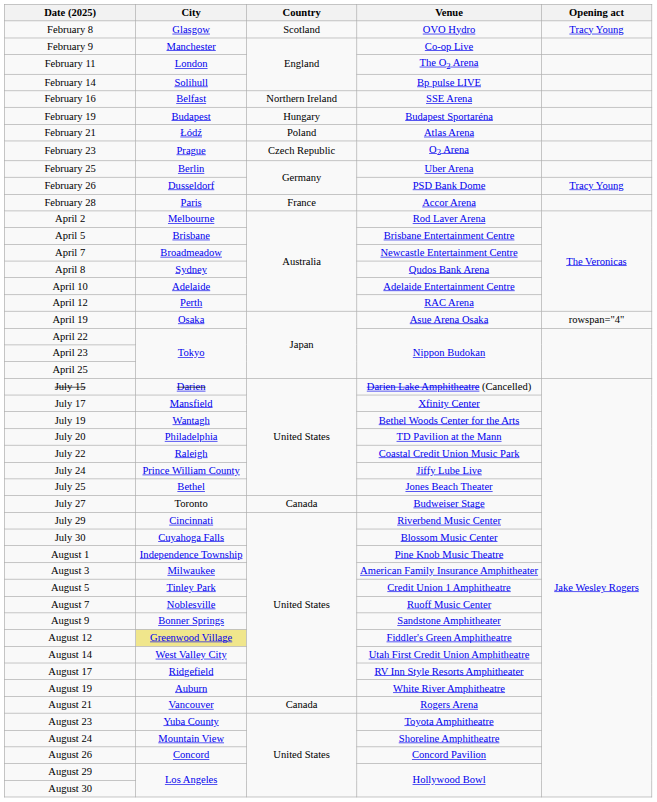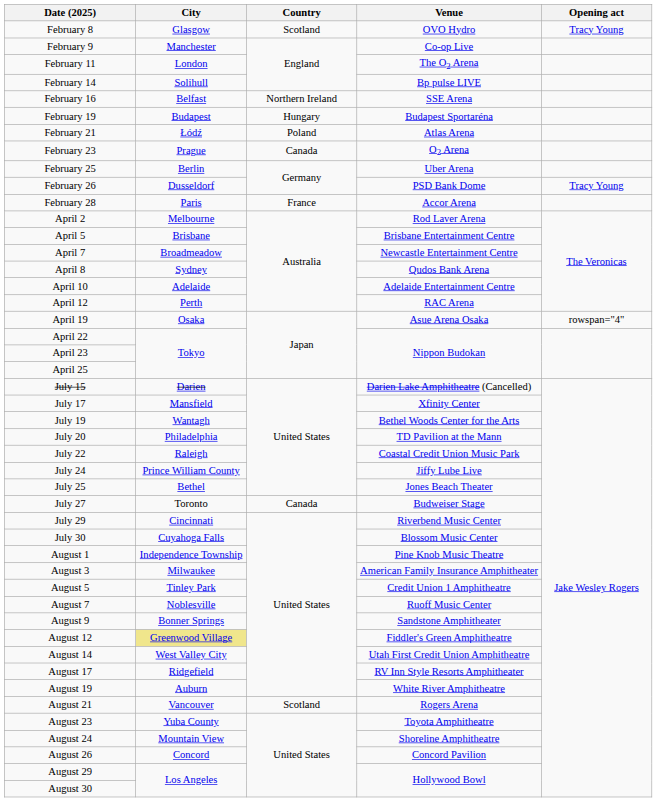 <table class="wikitable" style="text-align:center;">
 <tr>
 <th scope="col" style="width:12em;">Date (2025)</th>
 <th scope="col" style="width:10em;">City</th>
 <th scope="col" style="width:10em;">Country</th>
 <th scope="col" style="width:17em;">Venue</th>
 <th scope="col" style="width:10em;">Opening act</th>
 </tr>
 <tr>
 <td>February 8</td>
 <td><a href='#'>Glasgow</a></td>
 <td>Scotland</td>
 <td><a href='#'>OVO Hydro</a></td>
 <td><a href='#'>Tracy Young</a></td>
 </tr>
 <tr>
 <td>February 9</td>
 <td><a href='#'>Manchester</a></td>
 <td rowspan="3">England</td>
 <td><a href='#'>Co-op Live</a></td>
 <td></td>
 </tr>
 <tr>
 <td>February 11</td>
 <td><a href='#'>London</a></td>
 <td><a href='#'>The O<sub>2</sub> Arena</a></td>
 <td></td>
 </tr>
 <tr>
 <td>February 14</td>
 <td><a href='#'>Solihull</a></td>
 <td><a href='#'>Bp pulse LIVE</a></td>
 <td></td>
 </tr>
 <tr>
 <td>February 16</td>
 <td><a href='#'>Belfast</a></td>
 <td>Northern Ireland</td>
 <td><a href='#'>SSE Arena</a></td>
 <td></td>
 </tr>
 <tr>
 <td>February 19</td>
 <td><a href='#'>Budapest</a></td>
 <td>Hungary</td>
 <td><a href='#'>Budapest Sportaréna</a></td>
 <td></td>
 </tr>
 <tr>
 <td>February 21</td>
 <td><a href='#'>Łódź</a></td>
 <td>Poland</td>
 <td><a href='#'>Atlas Arena</a></td>
 <td></td>
 </tr>
 <tr>
 <td>February 23</td>
 <td><a href='#'>Prague</a></td>
-<td>Czech Republic</td>
+<td>Canada</td>
 <td><a href='#'>O<sub>2</sub> Arena</a></td>
 <td></td>
 </tr>
 <tr>
 <td>February 25</td>
 <td><a href='#'>Berlin</a></td>
 <td rowspan="2">Germany</td>
 <td><a href='#'>Uber Arena</a></td>
 <td></td>
 </tr>
 <tr>
 <td>February 26</td>
 <td><a href='#'>Dusseldorf</a></td>
 <td><a href='#'>PSD Bank Dome</a></td>
 <td><a href='#'>Tracy Young</a></td>
 </tr>
 <tr>
 <td>February 28</td>
 <td><a href='#'>Paris</a></td>
 <td>France</td>
 <td><a href='#'>Accor Arena</a></td>
 <td></td>
 </tr>
 <tr>
 <td>April 2</td>
 <td><a href='#'>Melbourne</a></td>
 <td rowspan="6">Australia</td>
 <td><a href='#'>Rod Laver Arena</a></td>
 <td rowspan="6"><a href='#'>The Veronicas</a></td>
 </tr>
 <tr>
 <td>April 5</td>
 <td><a href='#'>Brisbane</a></td>
 <td><a href='#'>Brisbane Entertainment Centre</a></td>
 </tr>
 <tr>
 <td>April 7</td>
 <td><a href='#'>Broadmeadow</a></td>
 <td><a href='#'>Newcastle Entertainment Centre</a></td>
 </tr>
 <tr>
 <td>April 8</td>
 <td><a href='#'>Sydney</a></td>
 <td><a href='#'>Qudos Bank Arena</a></td>
 </tr>
 <tr>
 <td>April 10</td>
 <td><a href='#'>Adelaide</a></td>
 <td><a href='#'>Adelaide Entertainment Centre</a></td>
 </tr>
 <tr>
 <td>April 12</td>
 <td><a href='#'>Perth</a></td>
 <td><a href='#'>RAC Arena</a></td>
 </tr>
 <tr>
 <td>April 19</td>
 <td><a href='#'>Osaka</a></td>
 <td rowspan="4">Japan</td>
 <td><a href='#'>Asue Arena Osaka</a></td>
 <td>rowspan="4" </td>
 </tr>
 <tr>
 <td>April 22</td>
 <td rowspan="3"><a href='#'>Tokyo</a></td>
 <td rowspan="3"><a href='#'>Nippon Budokan</a></td>
 </tr>
 <tr>
 <td>April 23</td>
 </tr>
 <tr>
 <td>April 25</td>
 </tr>
 <tr>
 <td><s>July 15</s></td>
 <td><s><a href='#'>Darien</a></s></td>
 <td rowspan="7">United States</td>
 <td><a href='#'><s>Darien Lake Amphitheatre</s></a> (Cancelled)</td>
 <td rowspan="25"><a href='#'>Jake Wesley Rogers</a></td>
 </tr>
 <tr>
 <td>July 17</td>
 <td><a href='#'>Mansfield</a></td>
 <td><a href='#'>Xfinity Center</a></td>
 </tr>
 <tr>
 <td>July 19</td>
 <td><a href='#'>Wantagh</a></td>
 <td><a href='#'>Bethel Woods Center for the Arts</a></td>
 </tr>
 <tr>
 <td>July 20</td>
 <td><a href='#'>Philadelphia</a></td>
 <td><a href='#'>TD Pavilion at the Mann</a></td>
 </tr>
 <tr>
 <td>July 22</td>
 <td><a href='#'>Raleigh</a></td>
 <td><a href='#'>Coastal Credit Union Music Park</a></td>
 </tr>
 <tr>
 <td>July 24</td>
 <td><a href='#'>Prince William County</a></td>
 <td><a href='#'>Jiffy Lube Live</a></td>
 </tr>
 <tr>
 <td>July 25</td>
 <td><a href='#'>Bethel</a></td>
 <td><a href='#'>Jones Beach Theater</a></td>
 </tr>
 <tr>
 <td>July 27</td>
 <td>Toronto</td>
 <td>Canada</td>
 <td><a href='#'>Budweiser Stage</a></td>
 </tr>
 <tr>
 <td>July 29</td>
 <td><a href='#'>Cincinnati</a></td>
 <td rowspan="11">United States</td>
 <td><a href='#'>Riverbend Music Center</a></td>
 </tr>
 <tr>
 <td>July 30</td>
 <td><a href='#'>Cuyahoga Falls</a></td>
 <td><a href='#'>Blossom Music Center</a></td>
 </tr>
 <tr>
 <td>August 1</td>
 <td><a href='#'>Independence Township</a></td>
 <td><a href='#'>Pine Knob Music Theatre</a></td>
 </tr>
 <tr>
 <td>August 3</td>
 <td><a href='#'>Milwaukee</a></td>
 <td><a href='#'>American Family Insurance Amphitheater</a></td>
 </tr>
 <tr>
 <td>August 5</td>
 <td><a href='#'>Tinley Park</a></td>
 <td><a href='#'>Credit Union 1 Amphitheatre</a></td>
 </tr>
 <tr>
 <td>August 7</td>
 <td><a href='#'>Noblesville</a></td>
 <td><a href='#'>Ruoff Music Center</a></td>
 </tr>
 <tr>
 <td>August 9</td>
 <td><a href='#'>Bonner Springs</a></td>
 <td><a href='#'>Sandstone Amphitheater</a></td>
 </tr>
 <tr>
 <td>August 12</td>
 <td style="background: khaki;"><a href='#'>Greenwood Village</a></td>
 <td><a href='#'>Fiddler's Green Amphitheatre</a></td>
 </tr>
 <tr>
 <td>August 14</td>
 <td><a href='#'>West Valley City</a></td>
 <td><a href='#'>Utah First Credit Union Amphitheatre</a></td>
 </tr>
 <tr>
 <td>August 17</td>
 <td><a href='#'>Ridgefield</a></td>
 <td><a href='#'>RV Inn Style Resorts Amphitheater</a></td>
 </tr>
 <tr>
 <td>August 19</td>
 <td><a href='#'>Auburn</a></td>
 <td><a href='#'>White River Amphitheatre</a></td>
 </tr>
 <tr>
 <td>August 21</td>
 <td><a href='#'>Vancouver</a></td>
-<td>Canada</td>
+<td>Scotland</td>
 <td><a href='#'>Rogers Arena</a></td>
 </tr>
 <tr>
 <td>August 23</td>
 <td><a href='#'>Yuba County</a></td>
 <td rowspan="5">United States</td>
 <td><a href='#'>Toyota Amphitheatre</a></td>
 </tr>
 <tr>
 <td>August 24</td>
 <td><a href='#'>Mountain View</a></td>
 <td><a href='#'>Shoreline Amphitheatre</a></td>
 </tr>
 <tr>
 <td>August 26</td>
 <td><a href='#'>Concord</a></td>
 <td><a href='#'>Concord Pavilion</a></td>
 </tr>
 <tr>
 <td>August 29</td>
 <td rowspan="2"><a href='#'>Los Angeles</a></td>
 <td rowspan="2"><a href='#'>Hollywood Bowl</a></td>
 </tr>
 <tr>
 <td>August 30</td>
 </tr>
 </table>
